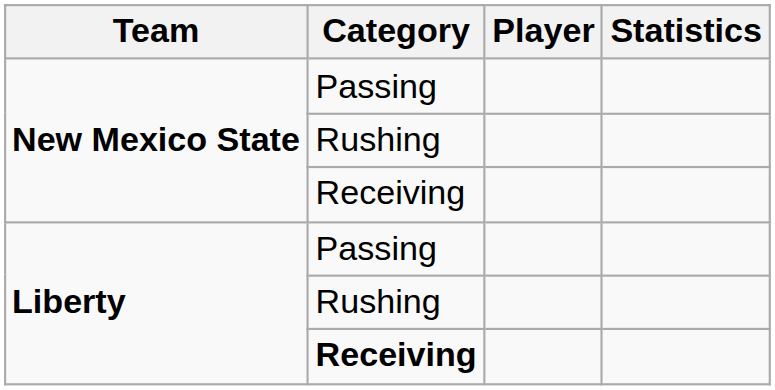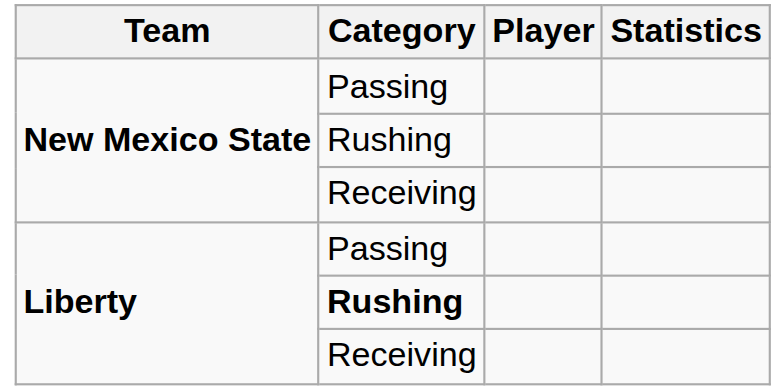 <table class="wikitable" style="float: right;">
 <tr>
 <th>Team</th>
 <th>Category</th>
 <th>Player</th>
 <th>Statistics</th>
 </tr>
 <tr>
 <td rowspan=3><strong>New Mexico State</strong></td>
 <td>Passing</td>
 <td></td>
 <td></td>
 </tr>
 <tr>
 <td>Rushing</td>
 <td></td>
 <td></td>
 </tr>
 <tr>
 <td>Receiving</td>
 <td></td>
 <td></td>
 </tr>
 <tr>
 <td rowspan=3><strong>Liberty</strong></td>
 <td>Passing</td>
 <td></td>
 <td></td>
 </tr>
 <tr>
-<td>Rushing</td>
+<td><strong>Rushing</strong></td>
 <td></td>
 <td></td>
 </tr>
 <tr>
-<td><strong>Receiving</strong></td>
+<td>Receiving</td>
 <td></td>
 <td></td>
 </tr>
 </table>
